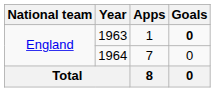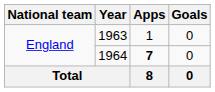 <table class="wikitable" style="text-align:center">
 <tr>
 <th>National team</th>
 <th>Year</th>
 <th>Apps</th>
 <th>Goals</th>
 </tr>
 <tr>
 <td rowspan="2"><a href='#'>England</a></td>
 <td>1963</td>
 <td>1</td>
-<td><strong>0</strong></td>
+<td>0</td>
 </tr>
 <tr>
 <td>1964</td>
-<td>7</td>
+<td><strong>7</strong></td>
 <td>0</td>
 </tr>
 <tr>
 <th colspan="2">Total</th>
 <th>8</th>
 <th>0</th>
 </tr>
 </table>
